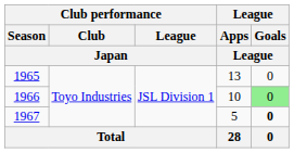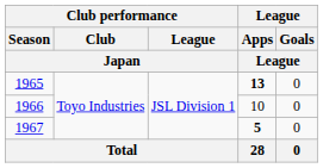 <table class="wikitable" style="text-align:center;">
 <tr>
 <th colspan=3>Club performance</th>
 <th colspan=2>League</th>
 </tr>
 <tr>
 <th>Season</th>
 <th>Club</th>
 <th>League</th>
 <th>Apps</th>
 <th>Goals</th>
 </tr>
 <tr>
 <th colspan=3>Japan</th>
 <th colspan=2>League</th>
 </tr>
 <tr>
 <td><a href='#'>1965</a></td>
 <td rowspan="3"><a href='#'>Toyo Industries</a></td>
 <td rowspan="3"><a href='#'>JSL Division 1</a></td>
-<td>13</td>
+<td><strong>13</strong></td>
 <td>0</td>
 </tr>
 <tr>
 <td><a href='#'>1966</a></td>
 <td>10</td>
-<td style="background: lightgreen;">0</td>
+<td>0</td>
 </tr>
 <tr>
 <td><a href='#'>1967</a></td>
-<td>5</td>
-<td><strong>0</strong></td>
+<td><strong>5</strong></td>
+<td>0</td>
 </tr>
 <tr>
 <th colspan=3>Total</th>
 <th>28</th>
 <th>0</th>
 </tr>
 </table>
